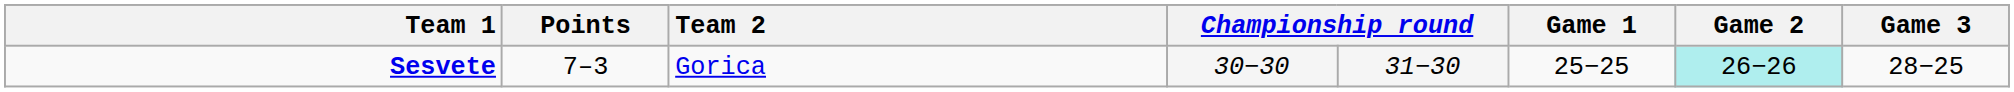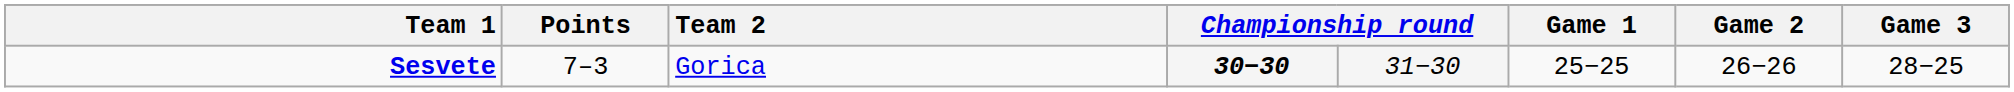 <table class=wikitable style="text-align:center">
 <tr>
 <th style="width:250px; text-align:right;">Team 1</th>
 <th style="width:80px;">Points</th>
 <th style="width:250px; text-align:left;">Team 2</th>
 <th colspan=2; style="width:170px;"><em><a href='#'>Championship round</a></em></th>
 <th style="width:80px;">Game 1</th>
 <th style="width:80px;">Game 2</th>
 <th style="width:80px;">Game 3</th>
 </tr>
 <tr>
 <td style="text-align:right;"><strong><a href='#'>Sesvete</a></strong></td>
 <td>7–3</td>
 <td style="text-align:left;"><a href='#'>Gorica</a></td>
-<td bgcolor=#f5f5f5><em>30−30</em></td>
+<td bgcolor=#f5f5f5><strong><em>30−30</em></strong></td>
 <td bgcolor=#f5f5f5><em>31−30</em></td>
 <td>25−25</td>
-<td style="background: paleturquoise;">26−26</td>
+<td>26−26</td>
 <td>28−25</td>
 </tr>
 </table>
